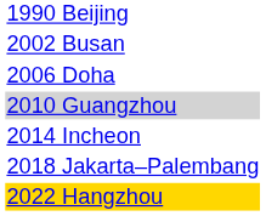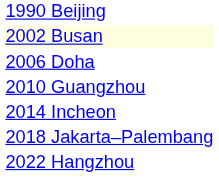 <table>
 <tr>
 <td><a href='#'>1990 Beijing</a></td>
 <td></td>
 <td></td>
 <td></td>
 </tr>
 <tr>
-<td><a href='#'>2002 Busan</a></td>
+<td style="background: lightyellow;"><a href='#'>2002 Busan</a></td>
 <td></td>
 <td></td>
 <td></td>
 </tr>
 <tr>
 <td><a href='#'>2006 Doha</a></td>
 <td></td>
 <td></td>
 <td></td>
 </tr>
 <tr>
-<td style="background: lightgrey;"><a href='#'>2010 Guangzhou</a></td>
+<td><a href='#'>2010 Guangzhou</a></td>
 <td></td>
 <td></td>
 <td></td>
 </tr>
 <tr>
 <td><a href='#'>2014 Incheon</a></td>
 <td></td>
 <td></td>
 <td></td>
 </tr>
 <tr>
 <td><a href='#'>2018 Jakarta–Palembang</a></td>
 <td></td>
 <td></td>
 <td></td>
 </tr>
 <tr>
-<td style="background: gold;"><a href='#'>2022 Hangzhou</a></td>
+<td><a href='#'>2022 Hangzhou</a></td>
 <td></td>
 <td></td>
 <td></td>
 </tr>
 </table>
